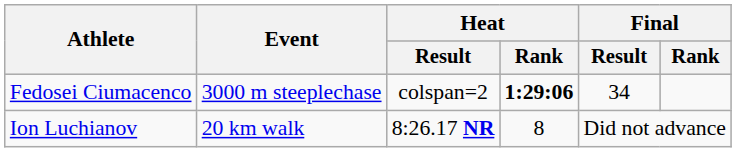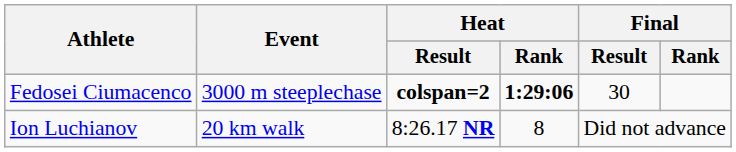 <table class="wikitable" style="font-size:90%">
 <tr>
 <th rowspan="2">Athlete</th>
 <th rowspan="2">Event</th>
 <th colspan="2">Heat</th>
 <th colspan="2">Final</th>
 </tr>
 <tr style="font-size:95%">
 <th>Result</th>
 <th>Rank</th>
 <th>Result</th>
 <th>Rank</th>
 </tr>
 <tr align=center>
 <td align=left><a href='#'>Fedosei Ciumacenco</a></td>
 <td align=left><a href='#'>3000 m steeplechase</a></td>
-<td>colspan=2 </td>
+<td><strong>colspan=2 </strong></td>
 <td><strong>1:29:06</strong></td>
-<td>34</td>
+<td>30</td>
 </tr>
 <tr align=center>
 <td align=left><a href='#'>Ion Luchianov</a></td>
 <td align=left><a href='#'>20 km walk</a></td>
 <td>8:26.17 <strong><a href='#'>NR</a></strong></td>
 <td>8</td>
 <td colspan=2>Did not advance</td>
 </tr>
 </table>
